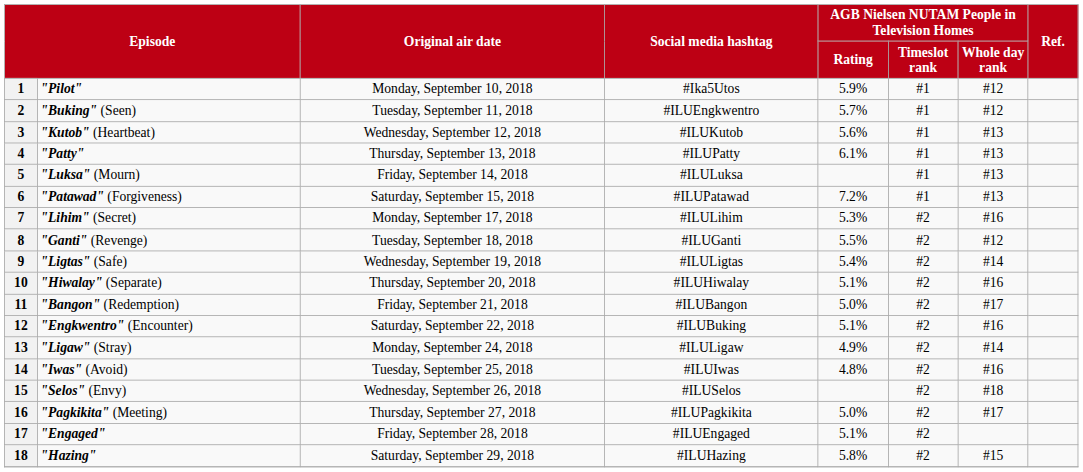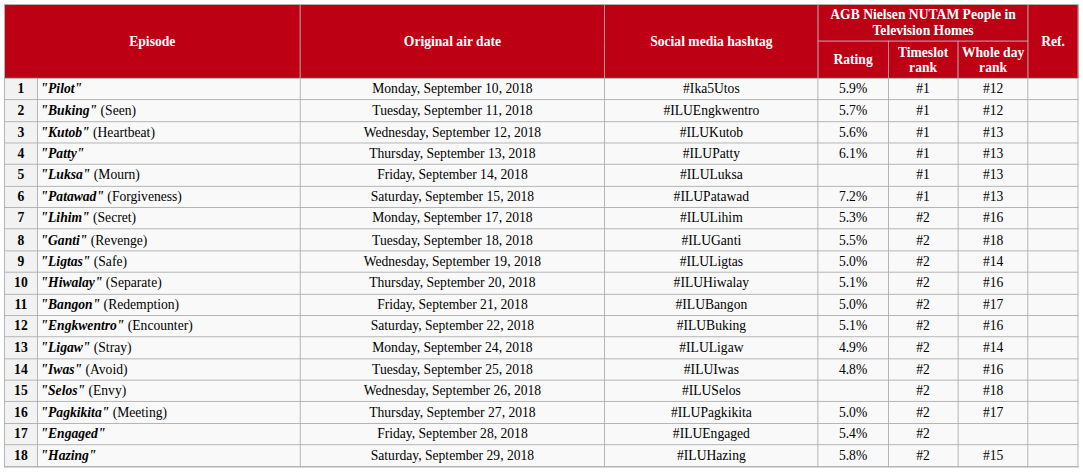 <table class="wikitable" style="text-align:center; font-size:100%; line-height:18px;" width="100%">
 <tr>
 <th style="background-color:#BD0014; color:#ffffff;" colspan="2" rowspan="2">Episode</th>
 <th style="background-color:#BD0014; color:white" rowspan="2">Original air date</th>
 <th style="background-color:#BD0014; color:white" rowspan="2">Social media hashtag</th>
 <th style="background-color:#BD0014; color:#ffffff;" colspan="3">AGB Nielsen NUTAM People in Television Homes</th>
 <th style="background-color:#BD0014;  color:#ffffff;" rowspan="2">Ref.</th>
 </tr>
 <tr>
 <th style="background-color:#BD0014; width:75px; color:#ffffff;">Rating</th>
 <th style="background-color:#BD0014;  width:75px; color:#ffffff;">Timeslot<br>rank</th>
 <th style="background-color:#BD0014; width:75px; color:#ffffff;">Whole day<br>rank</th>
 </tr>
 <tr>
 <th>1</th>
 <td style="text-align: left;"><strong><em>"Pilot"</em></strong></td>
 <td>Monday, September 10, 2018</td>
 <td>#Ika5Utos</td>
 <td>5.9%</td>
 <td>#1</td>
 <td>#12</td>
 <td></td>
 </tr>
 <tr>
 <th>2</th>
 <td style="text-align: left;"><strong><em>"Buking"</em></strong> (Seen)</td>
 <td>Tuesday, September 11, 2018</td>
 <td>#ILUEngkwentro</td>
 <td>5.7%</td>
 <td>#1</td>
 <td>#12</td>
 <td></td>
 </tr>
 <tr>
 <th>3</th>
 <td style="text-align: left;"><strong><em>"Kutob"</em></strong> (Heartbeat)</td>
 <td>Wednesday, September 12, 2018</td>
 <td>#ILUKutob</td>
 <td>5.6%</td>
 <td>#1</td>
 <td>#13</td>
 <td></td>
 </tr>
 <tr>
 <th>4</th>
 <td style="text-align: left;"><strong><em>"Patty"</em></strong></td>
 <td>Thursday, September 13, 2018</td>
 <td>#ILUPatty</td>
 <td>6.1%</td>
 <td>#1</td>
 <td>#13</td>
 <td></td>
 </tr>
 <tr>
 <th>5</th>
 <td style="text-align: left;"><strong><em>"Luksa"</em></strong> (Mourn)</td>
 <td>Friday, September 14, 2018</td>
 <td>#ILULuksa</td>
 <td></td>
 <td>#1</td>
 <td>#13</td>
 <td></td>
 </tr>
 <tr>
 <th>6</th>
 <td style="text-align: left;"><strong><em>"Patawad"</em></strong> (Forgiveness)</td>
 <td>Saturday, September 15, 2018</td>
 <td>#ILUPatawad</td>
 <td>7.2%</td>
 <td>#1</td>
 <td>#13</td>
 <td></td>
 </tr>
 <tr>
 <th>7</th>
 <td style="text-align: left;"><strong><em>"Lihim"</em></strong> (Secret)</td>
 <td>Monday, September 17, 2018</td>
 <td>#ILULihim</td>
 <td>5.3%</td>
 <td>#2</td>
 <td>#16</td>
 <td></td>
 </tr>
 <tr>
 <th>8</th>
 <td style="text-align: left;"><strong><em>"Ganti"</em></strong> (Revenge)</td>
 <td>Tuesday, September 18, 2018</td>
 <td>#ILUGanti</td>
 <td>5.5%</td>
 <td>#2</td>
-<td>#12</td>
+<td>#18</td>
 <td></td>
 </tr>
 <tr>
 <th>9</th>
 <td style="text-align: left;"><strong><em>"Ligtas"</em></strong> (Safe)</td>
 <td>Wednesday, September 19, 2018</td>
 <td>#ILULigtas</td>
-<td>5.4%</td>
+<td>5.0%</td>
 <td>#2</td>
 <td>#14</td>
 <td></td>
 </tr>
 <tr>
 <th>10</th>
 <td style="text-align: left;"><strong><em>"Hiwalay"</em></strong> (Separate)</td>
 <td>Thursday, September 20, 2018</td>
 <td>#ILUHiwalay</td>
 <td>5.1%</td>
 <td>#2</td>
 <td>#16</td>
 <td></td>
 </tr>
 <tr>
 <th>11</th>
 <td style="text-align: left;"><strong><em>"Bangon"</em></strong> (Redemption)</td>
 <td>Friday, September 21, 2018</td>
 <td>#ILUBangon</td>
 <td>5.0%</td>
 <td>#2</td>
 <td>#17</td>
 <td></td>
 </tr>
 <tr>
 <th>12</th>
 <td style="text-align: left;"><strong><em>"Engkwentro"</em></strong> (Encounter)</td>
 <td>Saturday, September 22, 2018</td>
 <td>#ILUBuking</td>
 <td>5.1%</td>
 <td>#2</td>
 <td>#16</td>
 <td></td>
 </tr>
 <tr>
 <th>13</th>
 <td style="text-align: left;"><strong><em>"Ligaw"</em></strong> (Stray)</td>
 <td>Monday, September 24, 2018</td>
 <td>#ILULigaw</td>
 <td>4.9%</td>
 <td>#2</td>
 <td>#14</td>
 <td></td>
 </tr>
 <tr>
 <th>14</th>
 <td style="text-align: left;"><strong><em>"Iwas"</em></strong> (Avoid)</td>
 <td>Tuesday, September 25, 2018</td>
 <td>#ILUIwas</td>
 <td>4.8%</td>
 <td>#2</td>
 <td>#16</td>
 <td></td>
 </tr>
 <tr>
 <th>15</th>
 <td style="text-align: left;"><strong><em>"Selos"</em></strong> (Envy)</td>
 <td>Wednesday, September 26, 2018</td>
 <td>#ILUSelos</td>
 <td></td>
 <td>#2</td>
 <td>#18</td>
 <td></td>
 </tr>
 <tr>
 <th>16</th>
 <td style="text-align: left;"><strong><em>"Pagkikita"</em></strong> (Meeting)</td>
 <td>Thursday, September 27, 2018</td>
 <td>#ILUPagkikita</td>
 <td>5.0%</td>
 <td>#2</td>
 <td>#17</td>
 <td></td>
 </tr>
 <tr>
 <th>17</th>
 <td style="text-align: left;"><strong><em>"Engaged"</em></strong></td>
 <td>Friday, September 28, 2018</td>
 <td>#ILUEngaged</td>
-<td>5.1%</td>
+<td>5.4%</td>
 <td>#2</td>
 <td></td>
 <td></td>
 </tr>
 <tr>
 <th>18</th>
 <td style="text-align: left;"><strong><em>"Hazing"</em></strong></td>
 <td>Saturday, September 29, 2018</td>
 <td>#ILUHazing</td>
 <td>5.8%</td>
 <td>#2</td>
 <td>#15</td>
 <td></td>
 </tr>
 <tr>
 </tr>
 </table>
